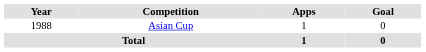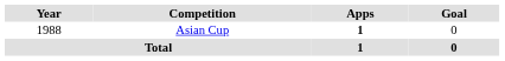 <table border="0" cellpadding="2" cellspacing="0" style="width:50%;">
 <tr style="text-align:center; background:#e0e0e0;">
 <th>Year</th>
 <th>Competition</th>
 <th>Apps</th>
 <th>Goal</th>
 </tr>
 <tr style="text-align:center;">
 <td>1988</td>
 <td><a href='#'>Asian Cup</a></td>
-<td>1</td>
+<td><strong>1</strong></td>
 <td>0</td>
 </tr>
 <tr style="text-align:center; background:#e0e0e0;">
 <th colspan="2">Total</th>
 <th style="text-align:center;">1</th>
 <th style="text-align:center;">0</th>
 </tr>
 </table>
